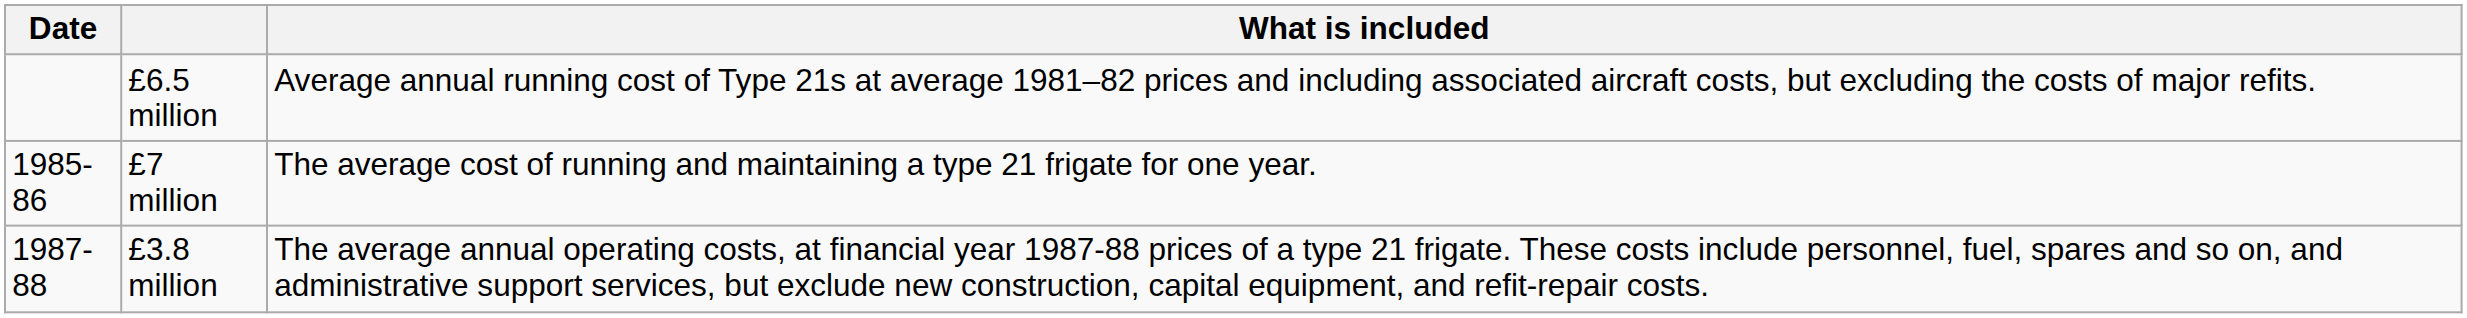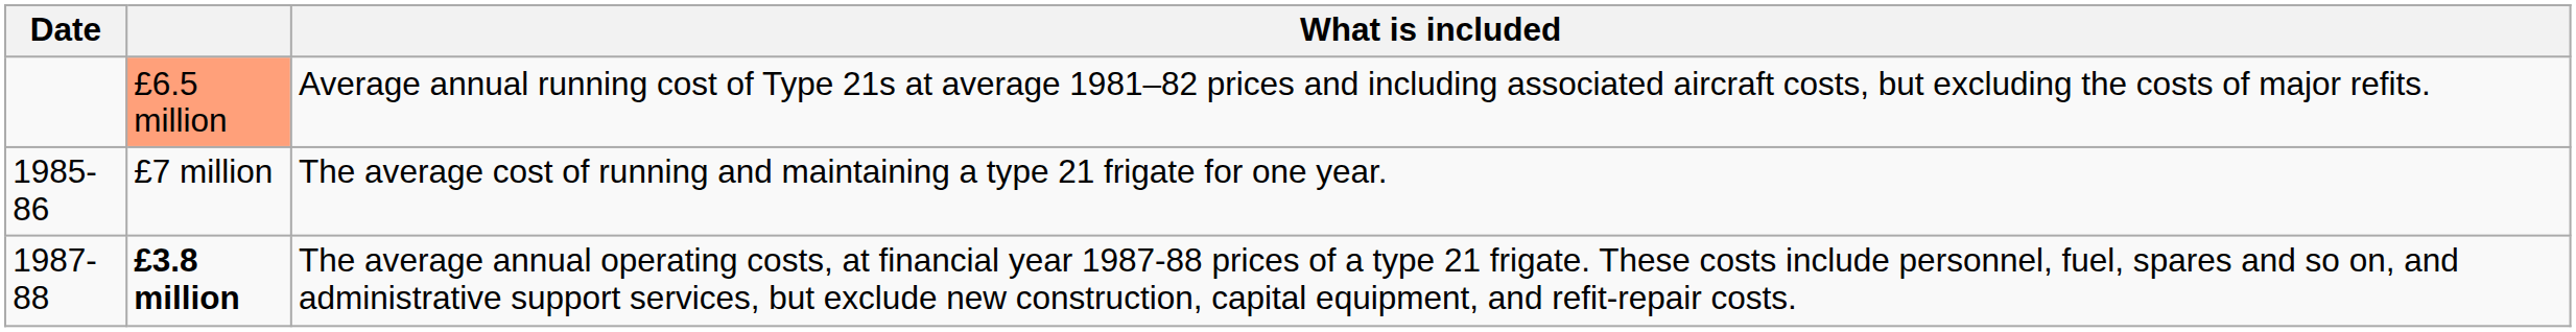 <table class="wikitable">
 <tr valign=top>
 <th>Date</th>
 <th></th>
 <th>What is included</th>
 </tr>
 <tr valign=top>
 <td></td>
-<td>£6.5 million</td>
+<td style="background: lightsalmon;">£6.5 million</td>
 <td>Average annual running cost of Type 21s at average 1981–82 prices and including associated aircraft costs, but excluding the costs of major refits.</td>
 </tr>
 <tr valign=top>
 <td>1985-86</td>
 <td>£7 million</td>
 <td>The average cost of running and maintaining a type 21 frigate for one year.</td>
 </tr>
 <tr valign=top>
 <td>1987-88</td>
-<td>£3.8 million</td>
+<td><strong>£3.8 million</strong></td>
 <td>The average annual operating costs, at financial year 1987-88 prices of a type 21 frigate. These costs include personnel, fuel, spares and so on, and administrative support services, but exclude new construction, capital equipment, and refit-repair costs.</td>
 </tr>
 </table>
